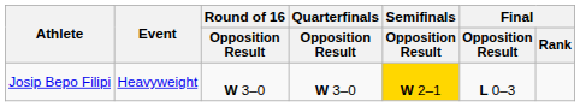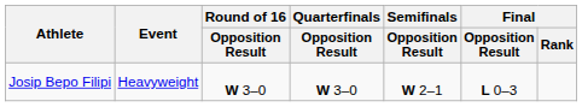 <table class="wikitable" style="font-size:90%">
 <tr>
 <th rowspan=2>Athlete</th>
 <th rowspan=2>Event</th>
 <th>Round of 16</th>
 <th>Quarterfinals</th>
 <th>Semifinals</th>
 <th colspan=2>Final</th>
 </tr>
 <tr style="font-size:95%">
 <th>Opposition<br>Result</th>
 <th>Opposition<br>Result</th>
 <th>Opposition<br>Result</th>
 <th>Opposition<br>Result</th>
 <th>Rank</th>
 </tr>
 <tr align=center>
 <td align=left><a href='#'>Josip Bepo Filipi</a></td>
 <td align=left><a href='#'>Heavyweight</a></td>
 <td><br><strong>W</strong> 3–0</td>
 <td><br><strong>W</strong> 3–0</td>
-<td style="background: gold;"><br><strong>W</strong> 2–1</td>
+<td><br><strong>W</strong> 2–1</td>
 <td><br><strong>L</strong> 0–3</td>
 <td></td>
 </tr>
 </table>
